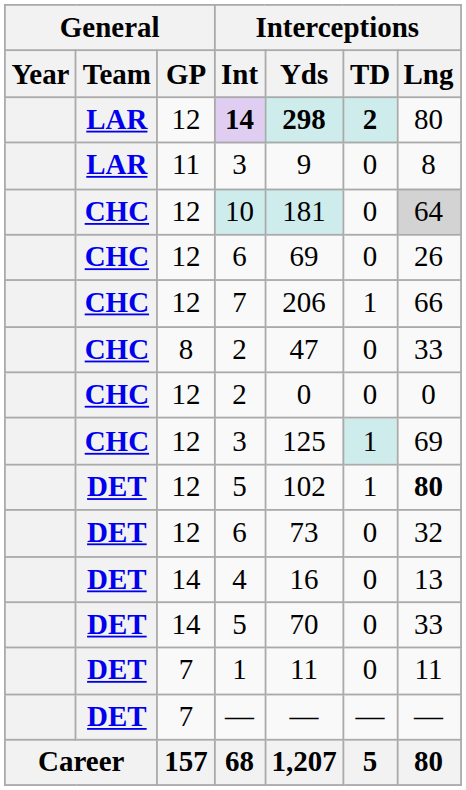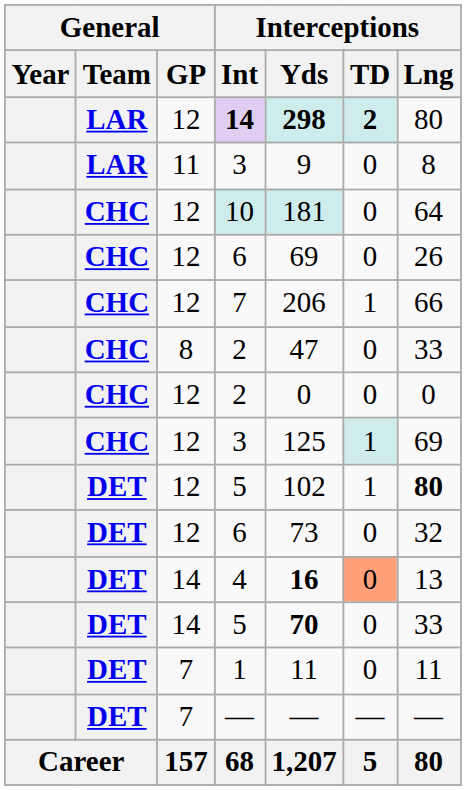 <table class="wikitable" style="text-align:center;">
 <tr>
 <th colspan=3>General</th>
 <th colspan=4>Interceptions</th>
 </tr>
 <tr>
 <th>Year</th>
 <th>Team</th>
 <th>GP</th>
 <th>Int</th>
 <th>Yds</th>
 <th>TD</th>
 <th>Lng</th>
 </tr>
 <tr>
 <th></th>
 <th><a href='#'>LAR</a></th>
 <td>12</td>
 <td style="background:#E0CEF2;"><strong>14</strong></td>
 <td style="background:#cfecec;"><strong>298</strong></td>
 <td style="background:#cfecec;"><strong>2</strong></td>
 <td>80</td>
 </tr>
 <tr>
 <th></th>
 <th><a href='#'>LAR</a></th>
 <td>11</td>
 <td>3</td>
 <td>9</td>
 <td>0</td>
 <td>8</td>
 </tr>
 <tr>
 <th></th>
 <th><a href='#'>CHC</a></th>
 <td>12</td>
 <td style="background:#cfecec;">10</td>
 <td style="background:#cfecec;">181</td>
 <td>0</td>
-<td style="background: lightgrey;">64</td>
+<td>64</td>
 </tr>
 <tr>
 <th></th>
 <th><a href='#'>CHC</a></th>
 <td>12</td>
 <td>6</td>
 <td>69</td>
 <td>0</td>
 <td>26</td>
 </tr>
 <tr>
 <th></th>
 <th><a href='#'>CHC</a></th>
 <td>12</td>
 <td>7</td>
 <td>206</td>
 <td>1</td>
 <td>66</td>
 </tr>
 <tr>
 <th></th>
 <th><a href='#'>CHC</a></th>
 <td>8</td>
 <td>2</td>
 <td>47</td>
 <td>0</td>
 <td>33</td>
 </tr>
 <tr>
 <th></th>
 <th><a href='#'>CHC</a></th>
 <td>12</td>
 <td>2</td>
 <td>0</td>
 <td>0</td>
 <td>0</td>
 </tr>
 <tr>
 <th></th>
 <th><a href='#'>CHC</a></th>
 <td>12</td>
 <td>3</td>
 <td>125</td>
 <td style="background:#cfecec;">1</td>
 <td>69</td>
 </tr>
 <tr>
 <th></th>
 <th><a href='#'>DET</a></th>
 <td>12</td>
 <td>5</td>
 <td>102</td>
 <td>1</td>
 <td><strong>80</strong></td>
 </tr>
 <tr>
 <th></th>
 <th><a href='#'>DET</a></th>
 <td>12</td>
 <td>6</td>
 <td>73</td>
 <td>0</td>
 <td>32</td>
 </tr>
 <tr>
 <th></th>
 <th><a href='#'>DET</a></th>
 <td>14</td>
 <td>4</td>
-<td>16</td>
-<td>0</td>
+<td><strong>16</strong></td>
+<td style="background: lightsalmon;">0</td>
 <td>13</td>
 </tr>
 <tr>
 <th></th>
 <th><a href='#'>DET</a></th>
 <td>14</td>
 <td>5</td>
-<td>70</td>
+<td><strong>70</strong></td>
 <td>0</td>
 <td>33</td>
 </tr>
 <tr>
 <th></th>
 <th><a href='#'>DET</a></th>
 <td>7</td>
 <td>1</td>
 <td>11</td>
 <td>0</td>
 <td>11</td>
 </tr>
 <tr>
 <th></th>
 <th><a href='#'>DET</a></th>
 <td>7</td>
 <td>—</td>
 <td>—</td>
 <td>—</td>
 <td>—</td>
 </tr>
 <tr>
 <th colspan=2>Career</th>
 <th>157</th>
 <th>68</th>
 <th>1,207</th>
 <th>5</th>
 <th>80</th>
 </tr>
 </table>
